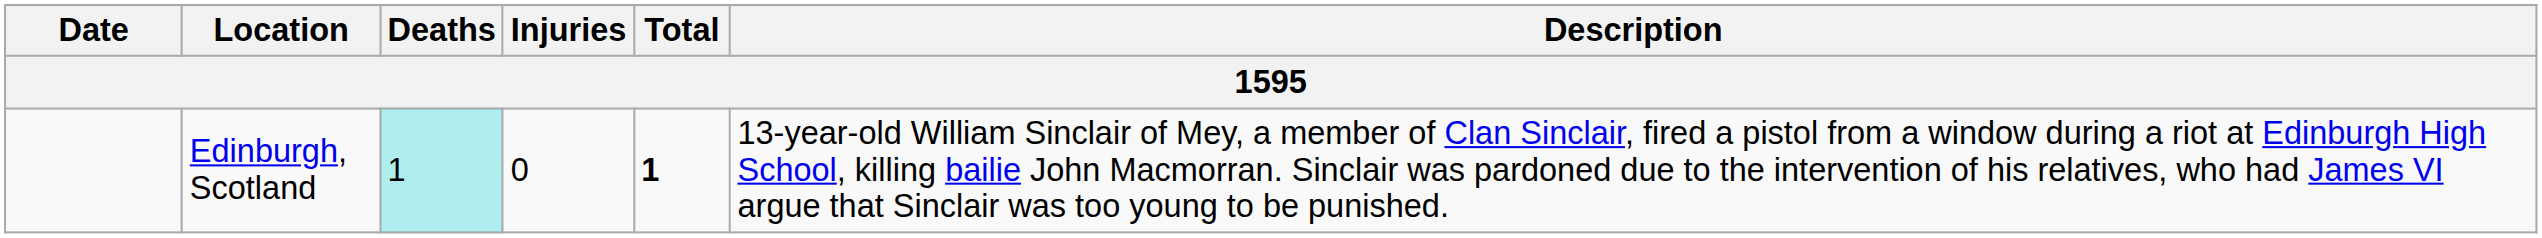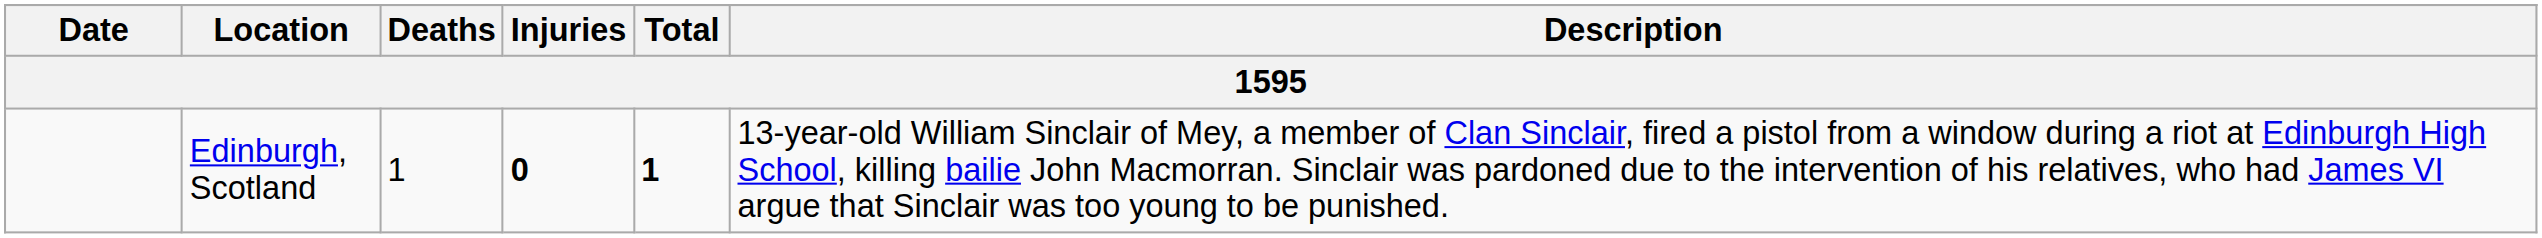 <table class="sortable wikitable" style="font-size:100%;" id="1590s">
 <tr>
 </tr>
 <tr>
 <th style="width:80px;">Date</th>
 <th style="width:90px;">Location</th>
 <th style="width:40px;">Deaths</th>
 <th style="width:40px;">Injuries</th>
 <th style="width:40px;">Total</th>
 <th class="unsortable">Description</th>
 </tr>
 <tr>
 <th colspan="7">1595 </th>
 </tr>
 <tr>
 <td></td>
 <td><a href='#'>Edinburgh</a>, Scotland</td>
-<td style="background: paleturquoise;">1</td>
-<td>0</td>
+<td>1</td>
+<td><strong>0</strong></td>
 <td><strong>1</strong></td>
 <td>13-year-old William Sinclair of Mey, a member of <a href='#'>Clan Sinclair</a>, fired a pistol from a window during a riot at <a href='#'>Edinburgh High School</a>, killing <a href='#'>bailie</a> John Macmorran. Sinclair was pardoned due to the intervention of his relatives, who had <a href='#'>James VI</a> argue that Sinclair was too young to be punished.</td>
 </tr>
 </table>
